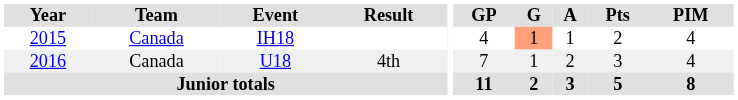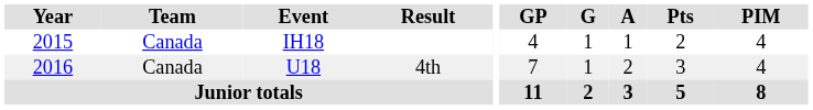 <table border="0" cellpadding="1" cellspacing="0" ID="Table3" style="text-align:center; width:40em">
 <tr ALIGN="center" bgcolor="#e0e0e0">
 <th>Year</th>
 <th>Team</th>
 <th>Event</th>
 <th>Result</th>
 <th rowspan="99" bgcolor="#ffffff"></th>
 <th>GP</th>
 <th>G</th>
 <th>A</th>
 <th>Pts</th>
 <th>PIM</th>
 </tr>
 <tr>
 <td><a href='#'>2015</a></td>
 <td><a href='#'>Canada</a></td>
 <td><a href='#'>IH18</a></td>
 <td></td>
 <td>4</td>
-<td style="background: lightsalmon;">1</td>
+<td>1</td>
 <td>1</td>
 <td>2</td>
 <td>4</td>
 </tr>
 <tr bgcolor="#f0f0f0">
 <td><a href='#'>2016</a></td>
 <td>Canada</td>
 <td><a href='#'>U18</a></td>
 <td>4th</td>
 <td>7</td>
 <td>1</td>
 <td>2</td>
 <td>3</td>
 <td>4</td>
 </tr>
 <tr ALIGN="center" bgcolor="#e0e0e0">
 <th colspan=4>Junior totals</th>
 <th>11</th>
 <th>2</th>
 <th>3</th>
 <th>5</th>
 <th>8</th>
 </tr>
 </table>
